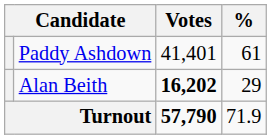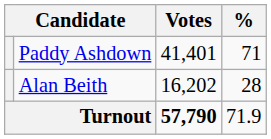 <table class="wikitable">
 <tr>
 <th colspan="2">Candidate</th>
 <th>Votes</th>
 <th>%</th>
 </tr>
 <tr>
 <th style="background-color: "></th>
 <td><a href='#'>Paddy Ashdown</a> </td>
 <td>41,401</td>
-<td style="text-align:right">61</td>
+<td style="text-align:right">71</td>
 </tr>
 <tr>
 <th style="background-color: "></th>
 <td><a href='#'>Alan Beith</a></td>
-<td><strong>16,202</strong></td>
-<td style="text-align:right">29</td>
+<td>16,202</td>
+<td style="text-align:right">28</td>
 </tr>
 <tr>
 <th style="text-align:right;" colspan="2">Turnout</th>
 <td><strong>57,790</strong></td>
 <td>71.9</td>
 </tr>
 </table>
